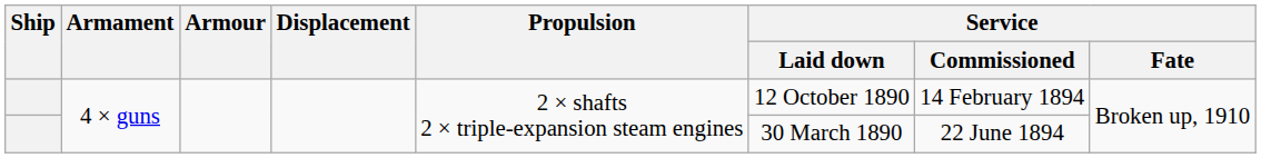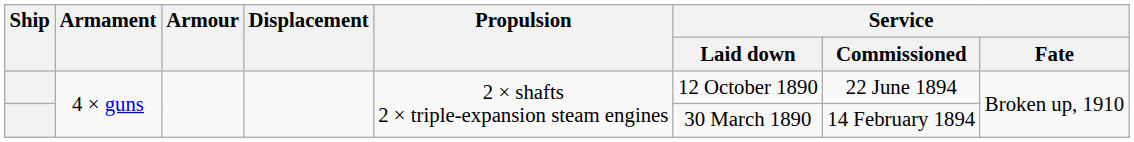 <table class="wikitable plainrowheaders" style="text-align: center;">
 <tr valign="top">
 <th scope="col" rowspan="2">Ship</th>
 <th scope="col" rowspan="2">Armament</th>
 <th scope="col" rowspan="2">Armour</th>
 <th scope="col" rowspan="2">Displacement</th>
 <th scope="col" rowspan="2">Propulsion</th>
 <th scope="col" colspan="3">Service</th>
 </tr>
 <tr valign="top">
 <th scope="col">Laid down</th>
 <th scope="col">Commissioned</th>
 <th scope="col">Fate</th>
 </tr>
 <tr valign="center">
 <th scope="row"></th>
 <td rowspan="2">4 ×  <a href='#'> guns</a></td>
 <td rowspan="2"></td>
 <td rowspan="2"></td>
 <td rowspan="2">2 × shafts<br> 2 × triple-expansion steam engines<br></td>
 <td>12 October 1890</td>
-<td>14 February 1894</td>
+<td>22 June 1894</td>
 <td rowspan="2">Broken up, 1910</td>
 </tr>
 <tr valign="top">
 <th scope="row"></th>
 <td>30 March 1890</td>
-<td>22 June 1894</td>
+<td>14 February 1894</td>
 </tr>
 </table>
